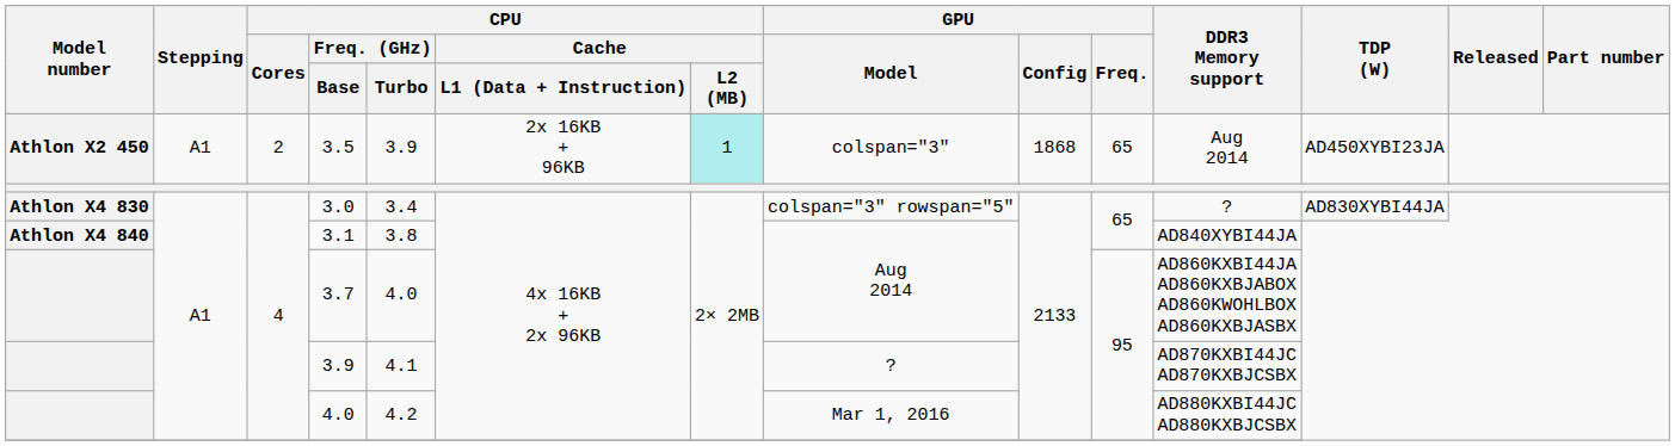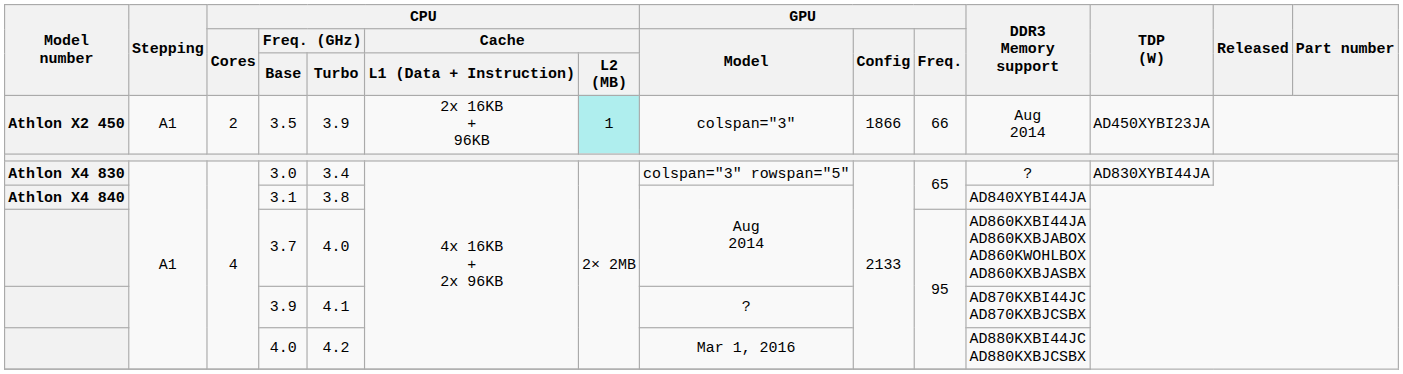 <table class="wikitable" style="text-align:center;">
 <tr>
 <th rowspan="3">Model<br>number</th>
 <th rowspan="3">Stepping</th>
 <th colspan="5">CPU</th>
 <th colspan="3">GPU</th>
 <th rowspan="3">DDR3<br>Memory<br>support</th>
 <th rowspan="3">TDP<br>(W)</th>
 <th rowspan="3">Released</th>
 <th rowspan="3">Part number</th>
 </tr>
 <tr>
 <th rowspan="2">Cores</th>
 <th colspan="2">Freq. (GHz)</th>
 <th colspan="2">Cache</th>
 <th rowspan="2">Model</th>
 <th rowspan="2">Config</th>
 <th rowspan="2">Freq.</th>
 </tr>
 <tr>
 <th>Base</th>
 <th>Turbo</th>
 <th>L1 (Data + Instruction)</th>
 <th>L2<br>(MB)</th>
 </tr>
 <tr>
 <th class="table-rh" >Athlon X2 450</th>
 <td>A1</td>
 <td>2</td>
 <td>3.5</td>
 <td>3.9</td>
 <td>2x 16KB<br>+<br>96KB</td>
 <td style="background: paleturquoise;">1</td>
 <td>colspan="3" </td>
-<td>1868</td>
-<td>65</td>
+<td>1866</td>
+<td>66</td>
 <td>Aug<br>2014</td>
 <td>AD450XYBI23JA</td>
 </tr>
 <tr>
 <th colspan="15"></th>
 </tr>
 <tr>
 <th class="table-rh" >Athlon X4 830</th>
 <td rowspan="5">A1</td>
 <td rowspan="5">4</td>
 <td>3.0</td>
 <td>3.4</td>
 <td rowspan="5">4x 16KB<br>+<br>2x 96KB</td>
 <td rowspan="5">2× 2MB</td>
 <td>colspan="3" rowspan="5" </td>
 <td rowspan="5">2133</td>
 <td rowspan="2">65</td>
 <td>?</td>
 <td>AD830XYBI44JA</td>
 </tr>
 <tr>
 <th class="table-rh" >Athlon X4 840</th>
 <td>3.1</td>
 <td>3.8</td>
 <td rowspan="2">Aug<br>2014</td>
 <td>AD840XYBI44JA</td>
 </tr>
 <tr>
 <th></th>
 <td>3.7</td>
 <td>4.0</td>
 <td rowspan="3">95</td>
 <td>AD860KXBI44JA<br>AD860KXBJABOX<br>AD860KWOHLBOX<br>AD860KXBJASBX</td>
 </tr>
 <tr>
 <th></th>
 <td>3.9</td>
 <td>4.1</td>
 <td>?</td>
 <td>AD870KXBI44JC<br>AD870KXBJCSBX</td>
 </tr>
 <tr>
 <th></th>
 <td>4.0</td>
 <td>4.2</td>
 <td>Mar 1, 2016</td>
 <td>AD880KXBI44JC<br>AD880KXBJCSBX</td>
 </tr>
 <tr>
 </tr>
 </table>
